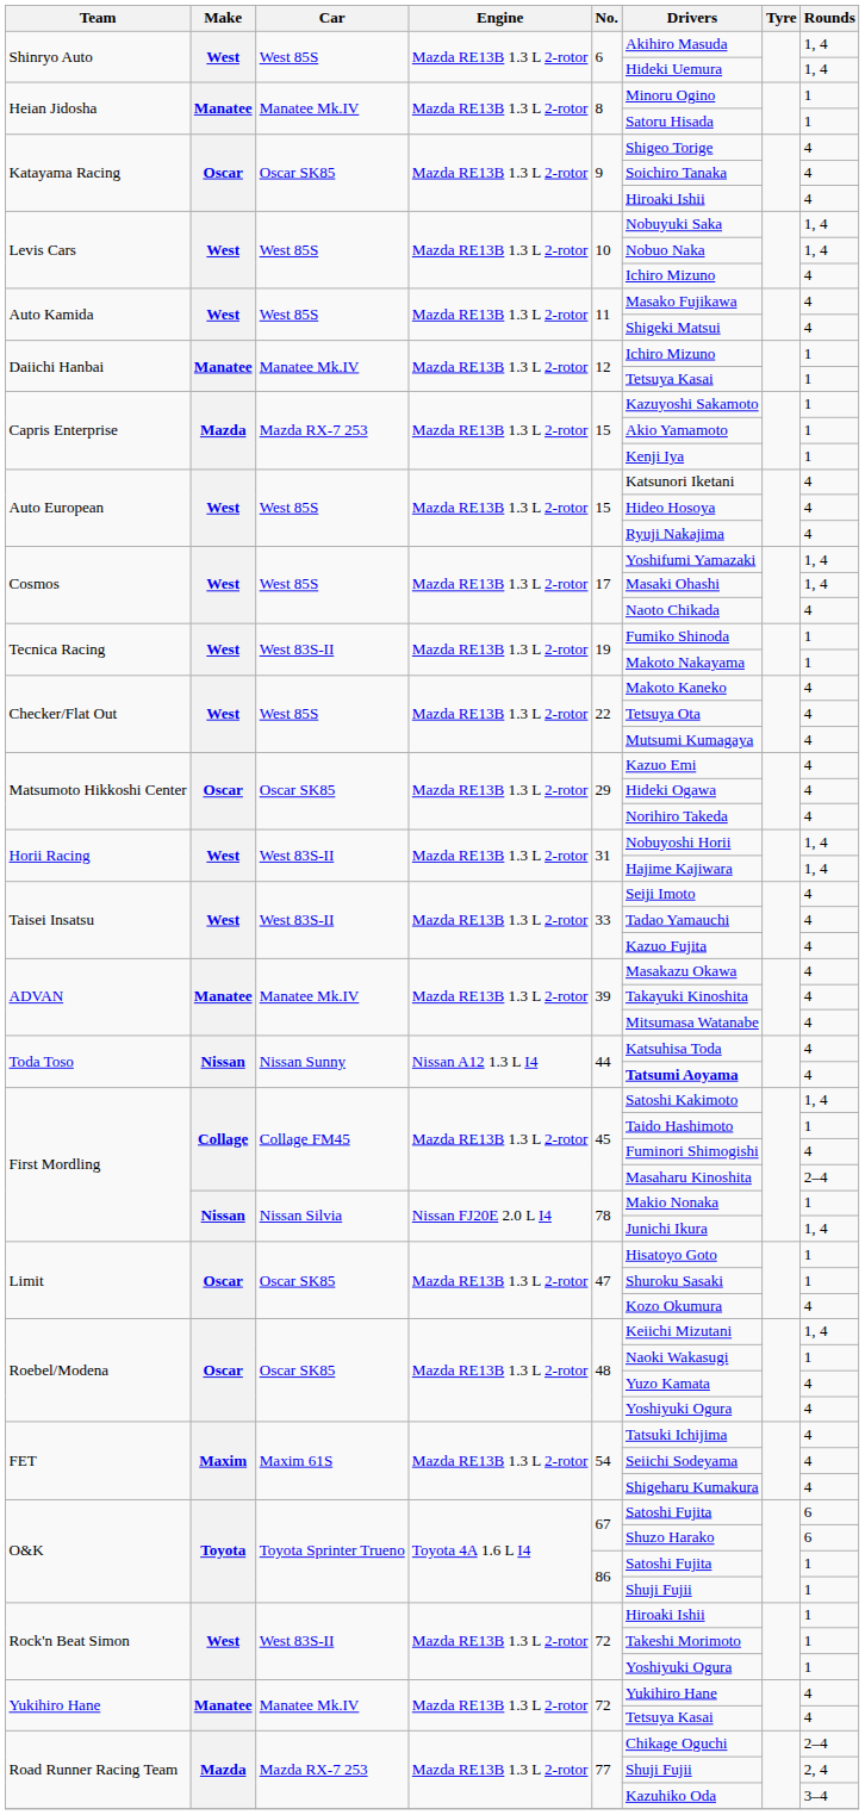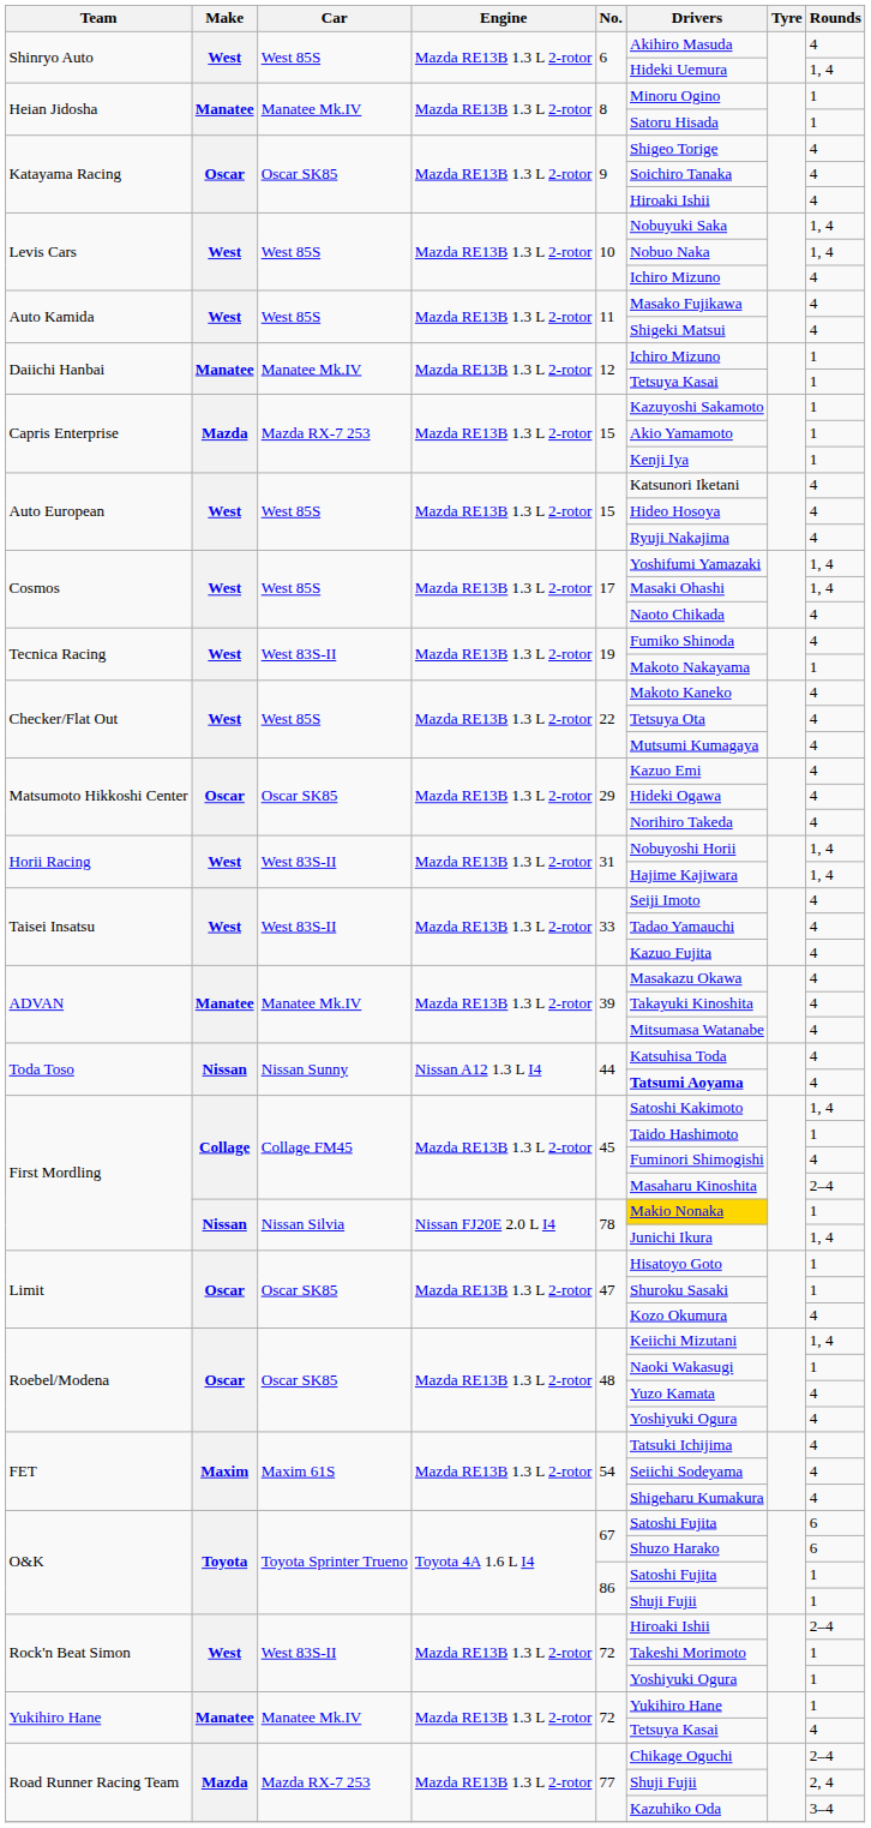 <table class="wikitable" style="font-size: 90%;">
 <tr>
 <th>Team</th>
 <th>Make</th>
 <th>Car</th>
 <th>Engine</th>
 <th>No.</th>
 <th>Drivers</th>
 <th>Tyre</th>
 <th>Rounds</th>
 </tr>
 <tr>
 <td rowspan=2>Shinryo Auto</td>
 <th rowspan=2><a href='#'>West</a></th>
 <td rowspan=2><a href='#'>West 85S</a></td>
 <td rowspan=2><a href='#'>Mazda RE13B</a> 1.3 L <a href='#'>2-rotor</a></td>
 <td rowspan=2>6</td>
 <td> <a href='#'>Akihiro Masuda</a></td>
 <td align=center rowspan=2></td>
-<td>1, 4</td>
+<td>4</td>
 </tr>
 <tr>
 <td> <a href='#'>Hideki Uemura</a></td>
 <td>1, 4</td>
 </tr>
 <tr>
 <td rowspan=2>Heian Jidosha</td>
 <th rowspan=2><a href='#'>Manatee</a></th>
 <td rowspan=2><a href='#'>Manatee Mk.IV</a></td>
 <td rowspan=2><a href='#'>Mazda RE13B</a> 1.3 L <a href='#'>2-rotor</a></td>
 <td rowspan=2>8</td>
 <td> <a href='#'>Minoru Ogino</a></td>
 <td align=center rowspan=2></td>
 <td>1</td>
 </tr>
 <tr>
 <td> <a href='#'>Satoru Hisada</a></td>
 <td>1</td>
 </tr>
 <tr>
 <td rowspan=3>Katayama Racing</td>
 <th rowspan=3><a href='#'>Oscar</a></th>
 <td rowspan=3><a href='#'>Oscar SK85</a></td>
 <td rowspan=3><a href='#'>Mazda RE13B</a> 1.3 L <a href='#'>2-rotor</a></td>
 <td rowspan=3>9</td>
 <td> <a href='#'>Shigeo Torige</a></td>
 <td align=center rowspan=3></td>
 <td>4</td>
 </tr>
 <tr>
 <td> <a href='#'>Soichiro Tanaka</a></td>
 <td>4</td>
 </tr>
 <tr>
 <td> <a href='#'>Hiroaki Ishii</a></td>
 <td>4</td>
 </tr>
 <tr>
 <td rowspan=3>Levis Cars</td>
 <th rowspan=3><a href='#'>West</a></th>
 <td rowspan=3><a href='#'>West 85S</a></td>
 <td rowspan=3><a href='#'>Mazda RE13B</a> 1.3 L <a href='#'>2-rotor</a></td>
 <td rowspan=3>10</td>
 <td> <a href='#'>Nobuyuki Saka</a></td>
 <td align=center rowspan=3></td>
 <td>1, 4</td>
 </tr>
 <tr>
 <td> <a href='#'>Nobuo Naka</a></td>
 <td>1, 4</td>
 </tr>
 <tr>
 <td> <a href='#'>Ichiro Mizuno</a></td>
 <td>4</td>
 </tr>
 <tr>
 <td rowspan=2>Auto Kamida</td>
 <th rowspan=2><a href='#'>West</a></th>
 <td rowspan=2><a href='#'>West 85S</a></td>
 <td rowspan=2><a href='#'>Mazda RE13B</a> 1.3 L <a href='#'>2-rotor</a></td>
 <td rowspan=2>11</td>
 <td> <a href='#'>Masako Fujikawa</a></td>
 <td align=center rowspan=2></td>
 <td>4</td>
 </tr>
 <tr>
 <td> <a href='#'>Shigeki Matsui</a></td>
 <td>4</td>
 </tr>
 <tr>
 <td rowspan=2>Daiichi Hanbai</td>
 <th rowspan=2><a href='#'>Manatee</a></th>
 <td rowspan=2><a href='#'>Manatee Mk.IV</a></td>
 <td rowspan=2><a href='#'>Mazda RE13B</a> 1.3 L <a href='#'>2-rotor</a></td>
 <td rowspan=2>12</td>
 <td> <a href='#'>Ichiro Mizuno</a></td>
 <td align=center rowspan=2></td>
 <td>1</td>
 </tr>
 <tr>
 <td> <a href='#'>Tetsuya Kasai</a></td>
 <td>1</td>
 </tr>
 <tr>
 <td rowspan=3>Capris Enterprise</td>
 <th rowspan=3><a href='#'>Mazda</a></th>
 <td rowspan=3><a href='#'>Mazda RX-7 253</a></td>
 <td rowspan=3><a href='#'>Mazda RE13B</a> 1.3 L <a href='#'>2-rotor</a></td>
 <td rowspan=3>15</td>
 <td> <a href='#'>Kazuyoshi Sakamoto</a></td>
 <td align=center rowspan=3></td>
 <td>1</td>
 </tr>
 <tr>
 <td> <a href='#'>Akio Yamamoto</a></td>
 <td>1</td>
 </tr>
 <tr>
 <td> <a href='#'>Kenji Iya</a></td>
 <td>1</td>
 </tr>
 <tr>
 <td rowspan=3>Auto European</td>
 <th rowspan=3><a href='#'>West</a></th>
 <td rowspan=3><a href='#'>West 85S</a></td>
 <td rowspan=3><a href='#'>Mazda RE13B</a> 1.3 L <a href='#'>2-rotor</a></td>
 <td rowspan=3>15</td>
 <td> Katsunori Iketani</td>
 <td align=center rowspan=3></td>
 <td>4</td>
 </tr>
 <tr>
 <td> <a href='#'>Hideo Hosoya</a></td>
 <td>4</td>
 </tr>
 <tr>
 <td> <a href='#'>Ryuji Nakajima</a></td>
 <td>4</td>
 </tr>
 <tr>
 <td rowspan=3>Cosmos</td>
 <th rowspan=3><a href='#'>West</a></th>
 <td rowspan=3><a href='#'>West 85S</a></td>
 <td rowspan=3><a href='#'>Mazda RE13B</a> 1.3 L <a href='#'>2-rotor</a></td>
 <td rowspan=3>17</td>
 <td> <a href='#'>Yoshifumi Yamazaki</a></td>
 <td align=center rowspan=3></td>
 <td>1, 4</td>
 </tr>
 <tr>
 <td> <a href='#'>Masaki Ohashi</a></td>
 <td>1, 4</td>
 </tr>
 <tr>
 <td> <a href='#'>Naoto Chikada</a></td>
 <td>4</td>
 </tr>
 <tr>
 <td rowspan=2>Tecnica Racing</td>
 <th rowspan=2><a href='#'>West</a></th>
 <td rowspan=2><a href='#'>West 83S-II</a></td>
 <td rowspan=2><a href='#'>Mazda RE13B</a> 1.3 L <a href='#'>2-rotor</a></td>
 <td rowspan=2>19</td>
 <td> <a href='#'>Fumiko Shinoda</a></td>
 <td align=center rowspan=2></td>
-<td>1</td>
+<td>4</td>
 </tr>
 <tr>
 <td> <a href='#'>Makoto Nakayama</a></td>
 <td>1</td>
 </tr>
 <tr>
 <td rowspan=3>Checker/Flat Out</td>
 <th rowspan=3><a href='#'>West</a></th>
 <td rowspan=3><a href='#'>West 85S</a></td>
 <td rowspan=3><a href='#'>Mazda RE13B</a> 1.3 L <a href='#'>2-rotor</a></td>
 <td rowspan=3>22</td>
 <td> <a href='#'>Makoto Kaneko</a></td>
 <td align=center rowspan=3></td>
 <td>4</td>
 </tr>
 <tr>
 <td> <a href='#'>Tetsuya Ota</a></td>
 <td>4</td>
 </tr>
 <tr>
 <td> <a href='#'>Mutsumi Kumagaya</a></td>
 <td>4</td>
 </tr>
 <tr>
 <td rowspan=3>Matsumoto Hikkoshi Center</td>
 <th rowspan=3><a href='#'>Oscar</a></th>
 <td rowspan=3><a href='#'>Oscar SK85</a></td>
 <td rowspan=3><a href='#'>Mazda RE13B</a> 1.3 L <a href='#'>2-rotor</a></td>
 <td rowspan=3>29</td>
 <td> <a href='#'>Kazuo Emi</a></td>
 <td align=center rowspan=3></td>
 <td>4</td>
 </tr>
 <tr>
 <td> <a href='#'>Hideki Ogawa</a></td>
 <td>4</td>
 </tr>
 <tr>
 <td> <a href='#'>Norihiro Takeda</a></td>
 <td>4</td>
 </tr>
 <tr>
 <td rowspan=2><a href='#'>Horii Racing</a></td>
 <th rowspan=2><a href='#'>West</a></th>
 <td rowspan=2><a href='#'>West 83S-II</a></td>
 <td rowspan=2><a href='#'>Mazda RE13B</a> 1.3 L <a href='#'>2-rotor</a></td>
 <td rowspan=2>31</td>
 <td> <a href='#'>Nobuyoshi Horii</a></td>
 <td align=center rowspan=2></td>
 <td>1, 4</td>
 </tr>
 <tr>
 <td> <a href='#'>Hajime Kajiwara</a></td>
 <td>1, 4</td>
 </tr>
 <tr>
 <td rowspan=3>Taisei Insatsu</td>
 <th rowspan=3><a href='#'>West</a></th>
 <td rowspan=3><a href='#'>West 83S-II</a></td>
 <td rowspan=3><a href='#'>Mazda RE13B</a> 1.3 L <a href='#'>2-rotor</a></td>
 <td rowspan=3>33</td>
 <td> <a href='#'>Seiji Imoto</a></td>
 <td align=center rowspan=3></td>
 <td>4</td>
 </tr>
 <tr>
 <td> <a href='#'>Tadao Yamauchi</a></td>
 <td>4</td>
 </tr>
 <tr>
 <td> <a href='#'>Kazuo Fujita</a></td>
 <td>4</td>
 </tr>
 <tr>
 <td rowspan=3><a href='#'>ADVAN</a></td>
 <th rowspan=3><a href='#'>Manatee</a></th>
 <td rowspan=3><a href='#'>Manatee Mk.IV</a></td>
 <td rowspan=3><a href='#'>Mazda RE13B</a> 1.3 L <a href='#'>2-rotor</a></td>
 <td rowspan=3>39</td>
 <td> <a href='#'>Masakazu Okawa</a></td>
 <td align=center rowspan=3></td>
 <td>4</td>
 </tr>
 <tr>
 <td> <a href='#'>Takayuki Kinoshita</a></td>
 <td>4</td>
 </tr>
 <tr>
 <td> <a href='#'>Mitsumasa Watanabe</a></td>
 <td>4</td>
 </tr>
 <tr>
 <td rowspan=2><a href='#'>Toda Toso</a></td>
 <th rowspan=2><a href='#'>Nissan</a></th>
 <td rowspan=2><a href='#'>Nissan Sunny</a></td>
 <td rowspan=2><a href='#'>Nissan A12</a> 1.3 L <a href='#'>I4</a></td>
 <td rowspan=2>44</td>
 <td> <a href='#'>Katsuhisa Toda</a></td>
 <td align=center rowspan=2></td>
 <td>4</td>
 </tr>
 <tr>
 <td><strong> <a href='#'>Tatsumi Aoyama</a></strong></td>
 <td>4</td>
 </tr>
 <tr>
 <td rowspan=6>First Mordling</td>
 <th rowspan=4><a href='#'>Collage</a></th>
 <td rowspan=4><a href='#'>Collage FM45</a></td>
 <td rowspan=4><a href='#'>Mazda RE13B</a> 1.3 L <a href='#'>2-rotor</a></td>
 <td rowspan=4>45</td>
 <td> <a href='#'>Satoshi Kakimoto</a></td>
 <td align=center rowspan=6></td>
 <td>1, 4</td>
 </tr>
 <tr>
 <td> <a href='#'>Taido Hashimoto</a></td>
 <td>1</td>
 </tr>
 <tr>
 <td> <a href='#'>Fuminori Shimogishi</a></td>
 <td>4</td>
 </tr>
 <tr>
 <td> <a href='#'>Masaharu Kinoshita</a></td>
 <td>2–4</td>
 </tr>
 <tr>
 <th rowspan=2><a href='#'>Nissan</a></th>
 <td rowspan=2><a href='#'>Nissan Silvia</a></td>
 <td rowspan=2><a href='#'>Nissan FJ20E</a> 2.0 L <a href='#'>I4</a></td>
 <td rowspan=2>78</td>
-<td> <a href='#'>Makio Nonaka</a></td>
+<td style="background: gold;"> <a href='#'>Makio Nonaka</a></td>
 <td>1</td>
 </tr>
 <tr>
 <td> <a href='#'>Junichi Ikura</a></td>
 <td>1, 4</td>
 </tr>
 <tr>
 <td rowspan=3>Limit</td>
 <th rowspan=3><a href='#'>Oscar</a></th>
 <td rowspan=3><a href='#'>Oscar SK85</a></td>
 <td rowspan=3><a href='#'>Mazda RE13B</a> 1.3 L <a href='#'>2-rotor</a></td>
 <td rowspan=3>47</td>
 <td> <a href='#'>Hisatoyo Goto</a></td>
 <td align=center rowspan=3></td>
 <td>1</td>
 </tr>
 <tr>
 <td> <a href='#'>Shuroku Sasaki</a></td>
 <td>1</td>
 </tr>
 <tr>
 <td> <a href='#'>Kozo Okumura</a></td>
 <td>4</td>
 </tr>
 <tr>
 <td rowspan=4>Roebel/Modena</td>
 <th rowspan=4><a href='#'>Oscar</a></th>
 <td rowspan=4><a href='#'>Oscar SK85</a></td>
 <td rowspan=4><a href='#'>Mazda RE13B</a> 1.3 L <a href='#'>2-rotor</a></td>
 <td rowspan=4>48</td>
 <td> <a href='#'>Keiichi Mizutani</a></td>
 <td align=center rowspan=4></td>
 <td>1, 4</td>
 </tr>
 <tr>
 <td> <a href='#'>Naoki Wakasugi</a></td>
 <td>1</td>
 </tr>
 <tr>
 <td> <a href='#'>Yuzo Kamata</a></td>
 <td>4</td>
 </tr>
 <tr>
 <td> <a href='#'>Yoshiyuki Ogura</a></td>
 <td>4</td>
 </tr>
 <tr>
 <td rowspan=3>FET</td>
 <th rowspan=3><a href='#'>Maxim</a></th>
 <td rowspan=3><a href='#'>Maxim 61S</a></td>
 <td rowspan=3><a href='#'>Mazda RE13B</a> 1.3 L <a href='#'>2-rotor</a></td>
 <td rowspan=3>54</td>
 <td> <a href='#'>Tatsuki Ichijima</a></td>
 <td align=center rowspan=3></td>
 <td>4</td>
 </tr>
 <tr>
 <td> <a href='#'>Seiichi Sodeyama</a></td>
 <td>4</td>
 </tr>
 <tr>
 <td> <a href='#'>Shigeharu Kumakura</a></td>
 <td>4</td>
 </tr>
 <tr>
 <td rowspan=4>O&K</td>
 <th rowspan=4><a href='#'>Toyota</a></th>
 <td rowspan=4><a href='#'>Toyota Sprinter Trueno</a></td>
 <td rowspan=4><a href='#'>Toyota 4A</a> 1.6 L <a href='#'>I4</a></td>
 <td rowspan=2>67</td>
 <td> <a href='#'>Satoshi Fujita</a></td>
 <td align=center rowspan=4></td>
 <td>6</td>
 </tr>
 <tr>
 <td> <a href='#'>Shuzo Harako</a></td>
 <td>6</td>
 </tr>
 <tr>
 <td rowspan=2>86</td>
 <td> <a href='#'>Satoshi Fujita</a></td>
 <td>1</td>
 </tr>
 <tr>
 <td> <a href='#'>Shuji Fujii</a></td>
 <td>1</td>
 </tr>
 <tr>
 <td rowspan=3>Rock'n Beat Simon</td>
 <th rowspan=3><a href='#'>West</a></th>
 <td rowspan=3><a href='#'>West 83S-II</a></td>
 <td rowspan=3><a href='#'>Mazda RE13B</a> 1.3 L <a href='#'>2-rotor</a></td>
 <td rowspan=3>72</td>
 <td> <a href='#'>Hiroaki Ishii</a></td>
 <td align=center rowspan=3></td>
-<td>1</td>
+<td>2–4</td>
 </tr>
 <tr>
 <td> <a href='#'>Takeshi Morimoto</a></td>
 <td>1</td>
 </tr>
 <tr>
 <td> <a href='#'>Yoshiyuki Ogura</a></td>
 <td>1</td>
 </tr>
 <tr>
 <td rowspan=2><a href='#'>Yukihiro Hane</a></td>
 <th rowspan=2><a href='#'>Manatee</a></th>
 <td rowspan=2><a href='#'>Manatee Mk.IV</a></td>
 <td rowspan=2><a href='#'>Mazda RE13B</a> 1.3 L <a href='#'>2-rotor</a></td>
 <td rowspan=2>72</td>
 <td> <a href='#'>Yukihiro Hane</a></td>
 <td align=center rowspan=2></td>
-<td>4</td>
+<td>1</td>
 </tr>
 <tr>
 <td> <a href='#'>Tetsuya Kasai</a></td>
 <td>4</td>
 </tr>
 <tr>
 <td rowspan=3>Road Runner Racing Team</td>
 <th rowspan=3><a href='#'>Mazda</a></th>
 <td rowspan=3><a href='#'>Mazda RX-7 253</a></td>
 <td rowspan=3><a href='#'>Mazda RE13B</a> 1.3 L <a href='#'>2-rotor</a></td>
 <td rowspan=3>77</td>
 <td> <a href='#'>Chikage Oguchi</a></td>
 <td align=center rowspan=3></td>
 <td>2–4</td>
 </tr>
 <tr>
 <td> <a href='#'>Shuji Fujii</a></td>
 <td>2, 4</td>
 </tr>
 <tr>
 <td> <a href='#'>Kazuhiko Oda</a></td>
 <td>3–4</td>
 </tr>
 <tr>
 </tr>
 </table>
